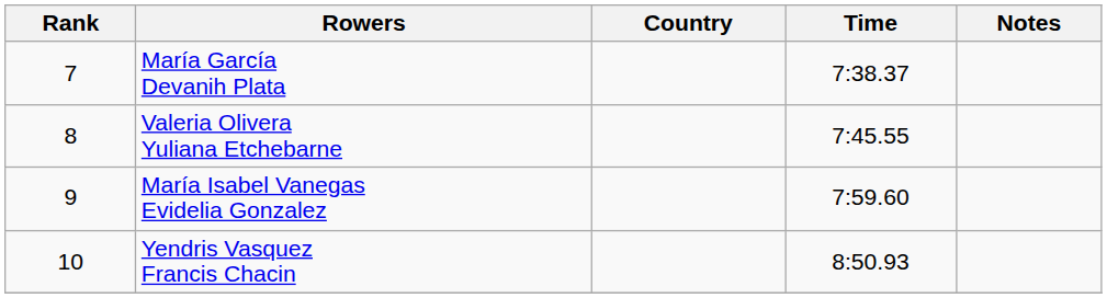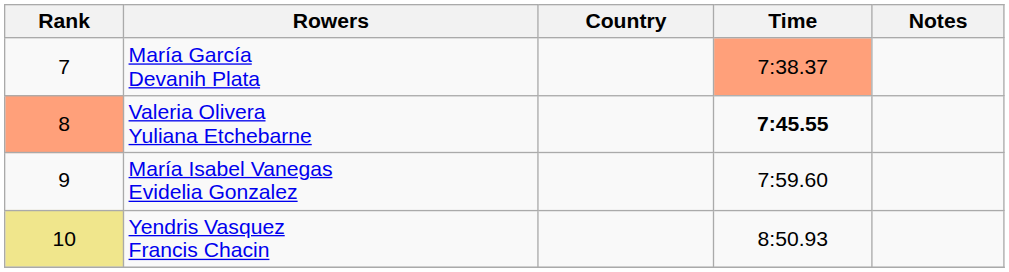 <table class="wikitable" width=60% style="text-align:center">
 <tr>
 <th>Rank</th>
 <th>Rowers</th>
 <th>Country</th>
 <th>Time</th>
 <th>Notes</th>
 </tr>
 <tr>
 <td>7</td>
 <td align=left><a href='#'>María García</a><br><a href='#'>Devanih Plata</a></td>
 <td align=left></td>
-<td>7:38.37</td>
+<td style="background: lightsalmon;">7:38.37</td>
 <td></td>
 </tr>
 <tr>
-<td>8</td>
+<td style="background: lightsalmon;">8</td>
 <td align=left><a href='#'>Valeria Olivera</a><br><a href='#'>Yuliana Etchebarne</a></td>
 <td align=left></td>
-<td>7:45.55</td>
+<td><strong>7:45.55</strong></td>
 <td></td>
 </tr>
 <tr>
 <td>9</td>
 <td align=left><a href='#'>María Isabel Vanegas</a><br><a href='#'>Evidelia Gonzalez</a></td>
 <td align=left></td>
 <td>7:59.60</td>
 <td></td>
 </tr>
 <tr>
-<td>10</td>
+<td style="background: khaki;">10</td>
 <td align=left><a href='#'>Yendris Vasquez</a><br><a href='#'>Francis Chacin</a></td>
 <td align=left></td>
 <td>8:50.93</td>
 <td></td>
 </tr>
 <tr>
 </tr>
 </table>
